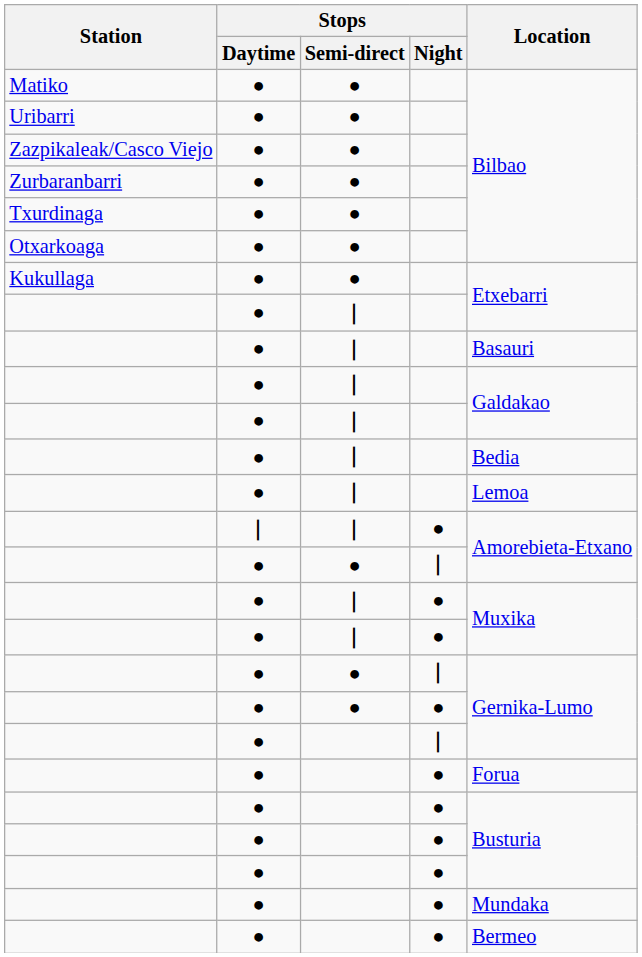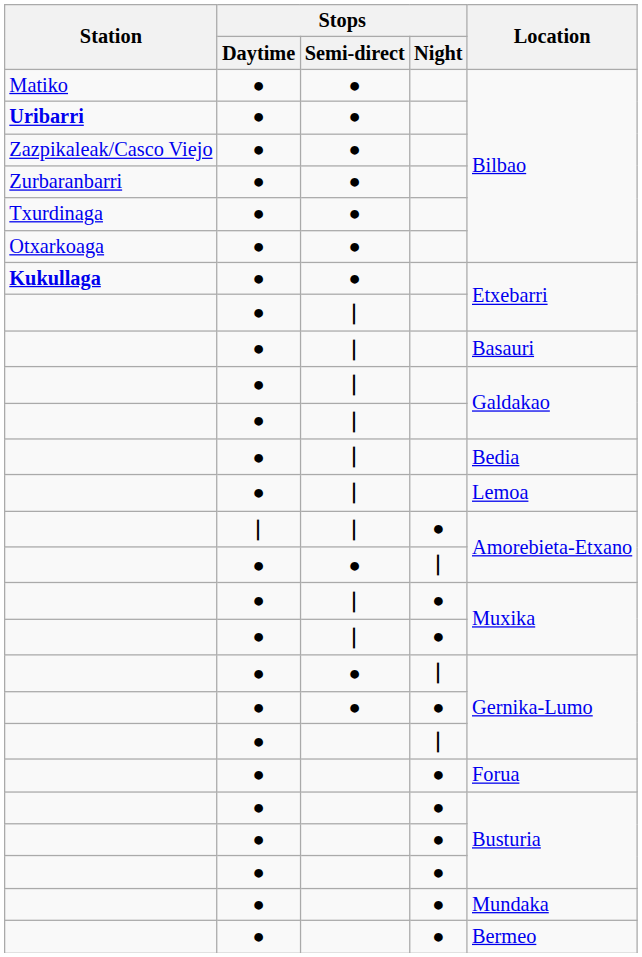 <table class="wikitable">
 <tr>
 <th rowspan="2">Station</th>
 <th colspan="3">Stops</th>
 <th rowspan="2">Location</th>
 </tr>
 <tr>
 <th>Daytime</th>
 <th>Semi-direct</th>
 <th>Night</th>
 </tr>
 <tr>
 <td><a href='#'>Matiko</a></td>
 <td style="text-align:center;">●</td>
 <td style="text-align:center;">●</td>
 <td> </td>
 <td rowspan = "6"><a href='#'>Bilbao</a></td>
 </tr>
 <tr>
-<td><a href='#'>Uribarri</a></td>
+<td><strong><a href='#'>Uribarri</a></strong></td>
 <td style="text-align:center;">●</td>
 <td style="text-align:center;">●</td>
 <td> </td>
 </tr>
 <tr>
 <td><a href='#'>Zazpikaleak/Casco Viejo</a></td>
 <td style="text-align:center;">●</td>
 <td style="text-align:center;">●</td>
 <td> </td>
 </tr>
 <tr>
 <td><a href='#'>Zurbaranbarri</a></td>
 <td style="text-align:center;">●</td>
 <td style="text-align:center;">●</td>
 <td> </td>
 </tr>
 <tr>
 <td><a href='#'>Txurdinaga</a></td>
 <td style="text-align:center;">●</td>
 <td style="text-align:center;">●</td>
 <td> </td>
 </tr>
 <tr>
 <td><a href='#'>Otxarkoaga</a></td>
 <td style="text-align:center;">●</td>
 <td style="text-align:center;">●</td>
 <td> </td>
 </tr>
 <tr>
-<td><a href='#'>Kukullaga</a></td>
+<td><strong><a href='#'>Kukullaga</a></strong></td>
 <td style="text-align:center;">●</td>
 <td style="text-align:center;">●</td>
 <td> </td>
 <td rowspan = "2"><a href='#'>Etxebarri</a></td>
 </tr>
 <tr>
 <td></td>
 <td style="text-align:center;">●</td>
 <td style="text-align:center;"><strong>｜</strong></td>
 <td> </td>
 </tr>
 <tr>
 <td></td>
 <td style="text-align:center;">●</td>
 <td style="text-align:center;"><strong>｜</strong></td>
 <td> </td>
 <td><a href='#'>Basauri</a></td>
 </tr>
 <tr>
 <td></td>
 <td style="text-align:center;">●</td>
 <td style="text-align:center;"><strong>｜</strong></td>
 <td> </td>
 <td rowspan = "2"><a href='#'>Galdakao</a></td>
 </tr>
 <tr>
 <td></td>
 <td style="text-align:center;">●</td>
 <td style="text-align:center;"><strong>｜</strong></td>
 <td> </td>
 </tr>
 <tr>
 <td></td>
 <td style="text-align:center;">●</td>
 <td style="text-align:center;"><strong>｜</strong></td>
 <td> </td>
 <td><a href='#'>Bedia</a></td>
 </tr>
 <tr>
 <td></td>
 <td style="text-align:center;">●</td>
 <td style="text-align:center;"><strong>｜</strong></td>
 <td> </td>
 <td><a href='#'>Lemoa</a></td>
 </tr>
 <tr>
 <td></td>
 <td style="text-align:center;"><strong>｜</strong></td>
 <td style="text-align:center;"><strong>｜</strong></td>
 <td style="text-align:center;">●</td>
 <td rowspan = "2"><a href='#'>Amorebieta-Etxano</a></td>
 </tr>
 <tr>
 <td></td>
 <td style="text-align:center;">●</td>
 <td style="text-align:center;">●</td>
 <td style="text-align:center;"><strong>｜</strong></td>
 </tr>
 <tr>
 <td></td>
 <td style="text-align:center;">●</td>
 <td style="text-align:center;"><strong>｜</strong></td>
 <td style="text-align:center;">●</td>
 <td rowspan = "2"><a href='#'>Muxika</a></td>
 </tr>
 <tr>
 <td></td>
 <td style="text-align:center;">●</td>
 <td style="text-align:center;"><strong>｜</strong></td>
 <td style="text-align:center;">●</td>
 </tr>
 <tr>
 <td></td>
 <td style="text-align:center;">●</td>
 <td style="text-align:center;">●</td>
 <td style="text-align:center;"><strong>｜</strong></td>
 <td rowspan = "3"><a href='#'>Gernika-Lumo</a></td>
 </tr>
 <tr>
 <td></td>
 <td style="text-align:center;">●</td>
 <td style="text-align:center;">●</td>
 <td style="text-align:center;">●</td>
 </tr>
 <tr>
 <td></td>
 <td style="text-align:center;">●</td>
 <td> </td>
 <td style="text-align:center;"><strong>｜</strong></td>
 </tr>
 <tr>
 <td></td>
 <td style="text-align:center;">●</td>
 <td> </td>
 <td style="text-align:center;">●</td>
 <td><a href='#'>Forua</a></td>
 </tr>
 <tr>
 <td></td>
 <td style="text-align:center;">●</td>
 <td> </td>
 <td style="text-align:center;">●</td>
 <td rowspan = "3"><a href='#'>Busturia</a></td>
 </tr>
 <tr>
 <td></td>
 <td style="text-align:center;">●</td>
 <td> </td>
 <td style="text-align:center;">●</td>
 </tr>
 <tr>
 <td></td>
 <td style="text-align:center;">●</td>
 <td> </td>
 <td style="text-align:center;">●</td>
 </tr>
 <tr>
 <td></td>
 <td style="text-align:center;">●</td>
 <td> </td>
 <td style="text-align:center;">●</td>
 <td><a href='#'>Mundaka</a></td>
 </tr>
 <tr>
 <td></td>
 <td style="text-align:center;">●</td>
 <td> </td>
 <td style="text-align:center;">●</td>
 <td><a href='#'>Bermeo</a></td>
 </tr>
 </table>
